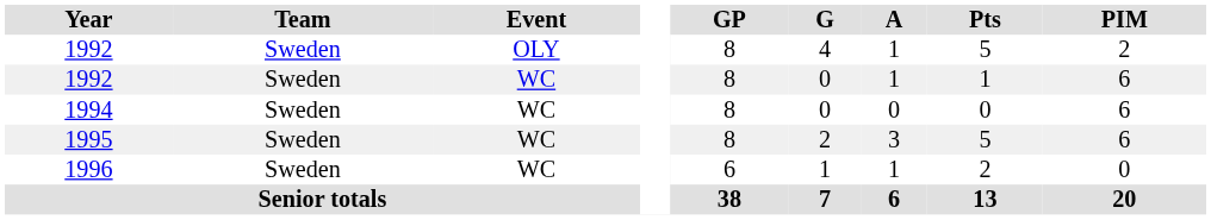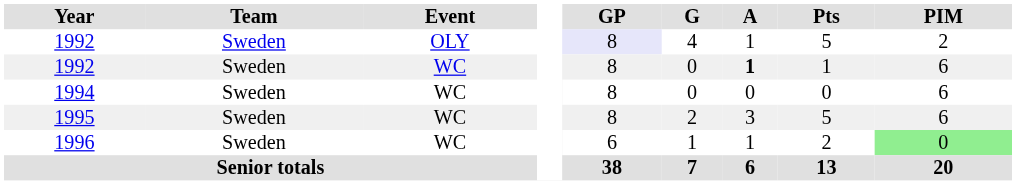 <table border="0" cellpadding="1" cellspacing="0" style="text-align:center; width:50em">
 <tr ALIGN="center" bgcolor="#e0e0e0">
 <th>Year</th>
 <th>Team</th>
 <th>Event</th>
 <th rowspan="99" bgcolor="#ffffff"> </th>
 <th>GP</th>
 <th>G</th>
 <th>A</th>
 <th>Pts</th>
 <th>PIM</th>
 </tr>
 <tr>
 <td><a href='#'>1992</a></td>
 <td><a href='#'>Sweden</a></td>
 <td><a href='#'>OLY</a></td>
-<td>8</td>
+<td style="background: lavender;">8</td>
 <td>4</td>
 <td>1</td>
 <td>5</td>
 <td>2</td>
 </tr>
 <tr bgcolor="#f0f0f0">
 <td><a href='#'>1992</a></td>
 <td>Sweden</td>
 <td><a href='#'>WC</a></td>
 <td>8</td>
 <td>0</td>
-<td>1</td>
+<td><strong>1</strong></td>
 <td>1</td>
 <td>6</td>
 </tr>
 <tr>
 <td><a href='#'>1994</a></td>
 <td>Sweden</td>
 <td>WC</td>
 <td>8</td>
 <td>0</td>
 <td>0</td>
 <td>0</td>
 <td>6</td>
 </tr>
 <tr bgcolor="#f0f0f0">
 <td><a href='#'>1995</a></td>
 <td>Sweden</td>
 <td>WC</td>
 <td>8</td>
 <td>2</td>
 <td>3</td>
 <td>5</td>
 <td>6</td>
 </tr>
 <tr>
 <td><a href='#'>1996</a></td>
 <td>Sweden</td>
 <td>WC</td>
 <td>6</td>
 <td>1</td>
 <td>1</td>
 <td>2</td>
-<td>0</td>
+<td style="background: lightgreen;">0</td>
 </tr>
 <tr bgcolor="#e0e0e0">
 <th colspan=3>Senior totals</th>
 <th>38</th>
 <th>7</th>
 <th>6</th>
 <th>13</th>
 <th>20</th>
 </tr>
 </table>
